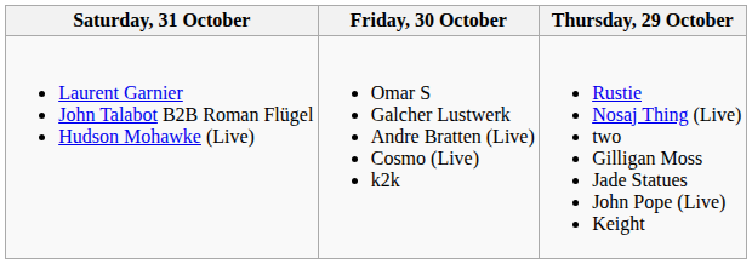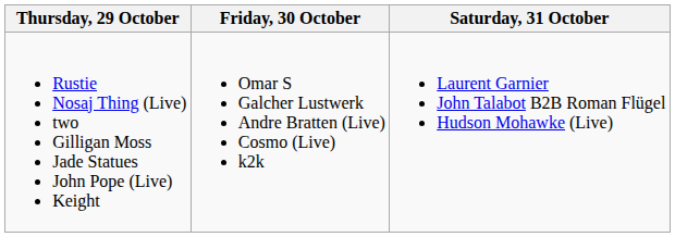 <table class="wikitable">
 <tr>
+<th>Thursday, 29 October</th>
+<th>Friday, 30 October</th>
 <th>Saturday, 31 October</th>
-<th>Friday, 30 October</th>
-<th>Thursday, 29 October</th>
 </tr>
 <tr valign="top">
+<td><br><ul><li><a href='#'>Rustie</a></li><li><a href='#'>Nosaj Thing</a> (Live)</li><li>two</li><li>Gilligan Moss</li><li>Jade Statues</li><li>John Pope (Live)</li><li>Keight</li></ul></td>
+<td><br><ul><li>Omar S</li><li>Galcher Lustwerk</li><li>Andre Bratten (Live)</li><li>Cosmo (Live)</li><li>k2k</li></ul></td>
 <td><br><ul><li><a href='#'>Laurent Garnier</a></li><li><a href='#'>John Talabot</a> B2B Roman Flügel</li><li><a href='#'>Hudson Mohawke</a> (Live)</li></ul></td>
-<td><br><ul><li>Omar S</li><li>Galcher Lustwerk</li><li>Andre Bratten (Live)</li><li>Cosmo (Live)</li><li>k2k</li></ul></td>
-<td><br><ul><li><a href='#'>Rustie</a></li><li><a href='#'>Nosaj Thing</a> (Live)</li><li>two</li><li>Gilligan Moss</li><li>Jade Statues</li><li>John Pope (Live)</li><li>Keight</li></ul></td>
 </tr>
 </table>
